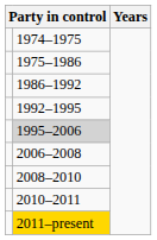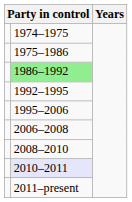 <table class="wikitable">
 <tr>
 <th colspan=2>Party in control</th>
 <th>Years</th>
 </tr>
 <tr>
 <td></td>
 <td>1974–1975</td>
 </tr>
 <tr>
 <td></td>
 <td>1975–1986</td>
 </tr>
 <tr>
 <td></td>
-<td>1986–1992</td>
+<td style="background: lightgreen;">1986–1992</td>
 </tr>
 <tr>
 <td></td>
 <td>1992–1995</td>
 </tr>
 <tr>
 <td></td>
-<td style="background: lightgrey;">1995–2006</td>
+<td>1995–2006</td>
 </tr>
 <tr>
 <td></td>
 <td>2006–2008</td>
 </tr>
 <tr>
 <td></td>
 <td>2008–2010</td>
 </tr>
 <tr>
 <td></td>
-<td>2010–2011</td>
+<td style="background: lavender;">2010–2011</td>
 </tr>
 <tr>
 <td></td>
-<td style="background: gold;">2011–present</td>
+<td>2011–present</td>
 </tr>
 </table>
